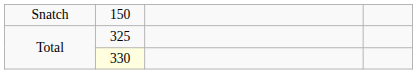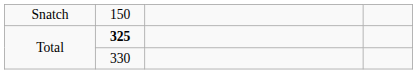 <table class = "wikitable" style="text-align:center;">
 <tr>
 <td width=100>Snatch</td>
 <td width=50>150</td>
 <td width=250 align=left></td>
 <td width=50></td>
 </tr>
 <tr>
 <td rowspan=2>Total</td>
-<td>325</td>
+<td><strong>325</strong></td>
 <td align=left></td>
 <td></td>
 </tr>
 <tr>
-<td style="background: lightyellow;">330</td>
+<td>330</td>
 <td align=left></td>
 <td></td>
 </tr>
 </table>
